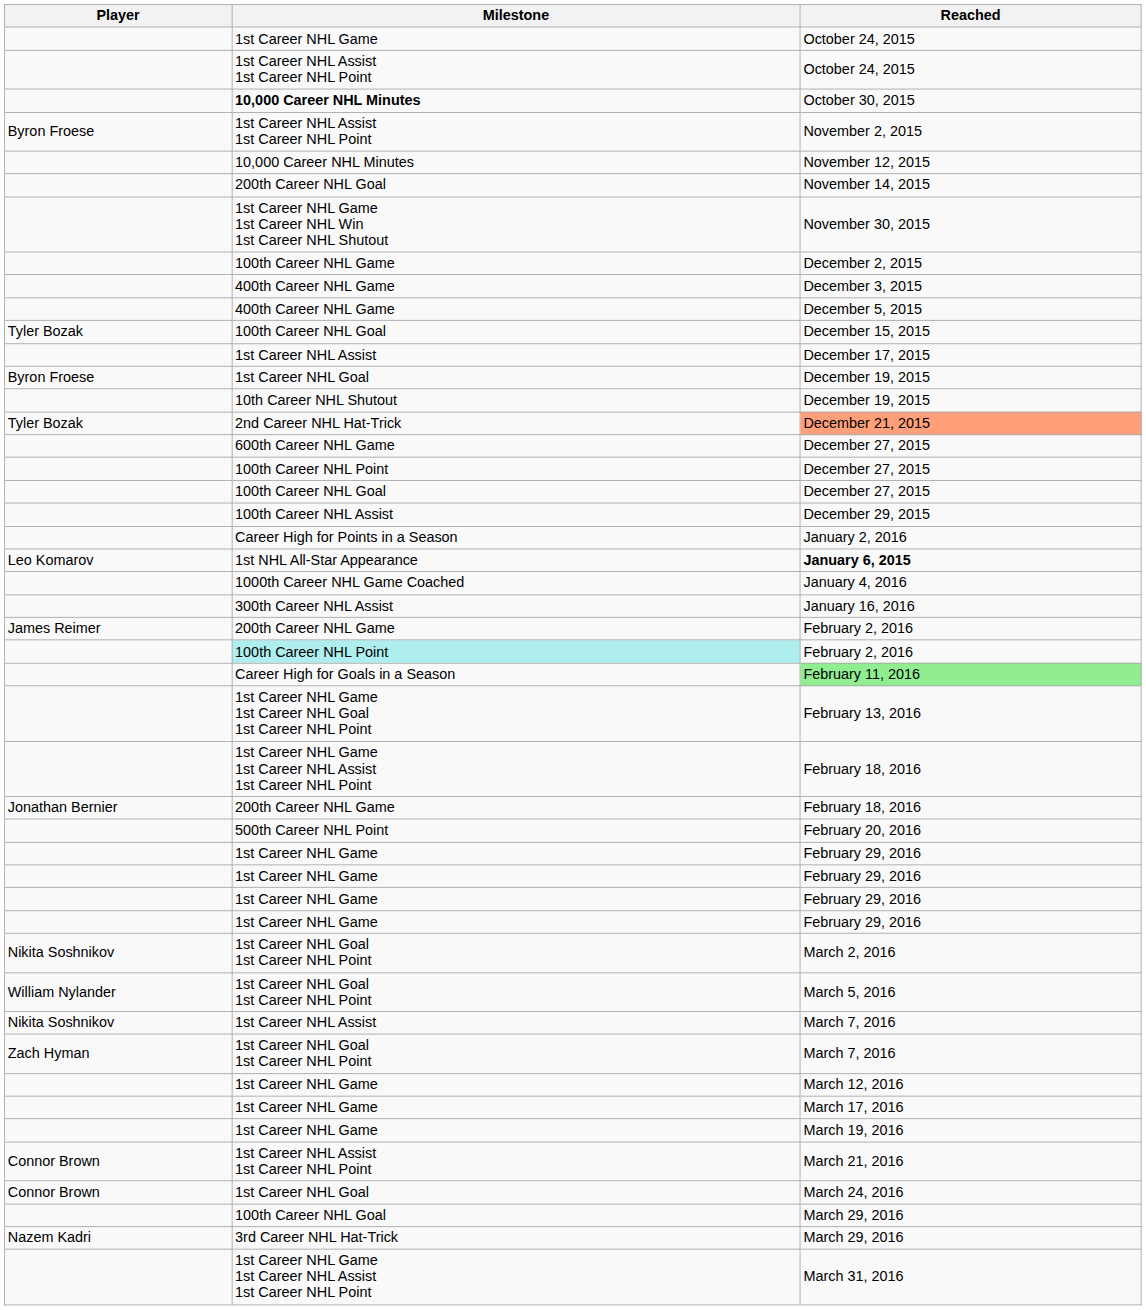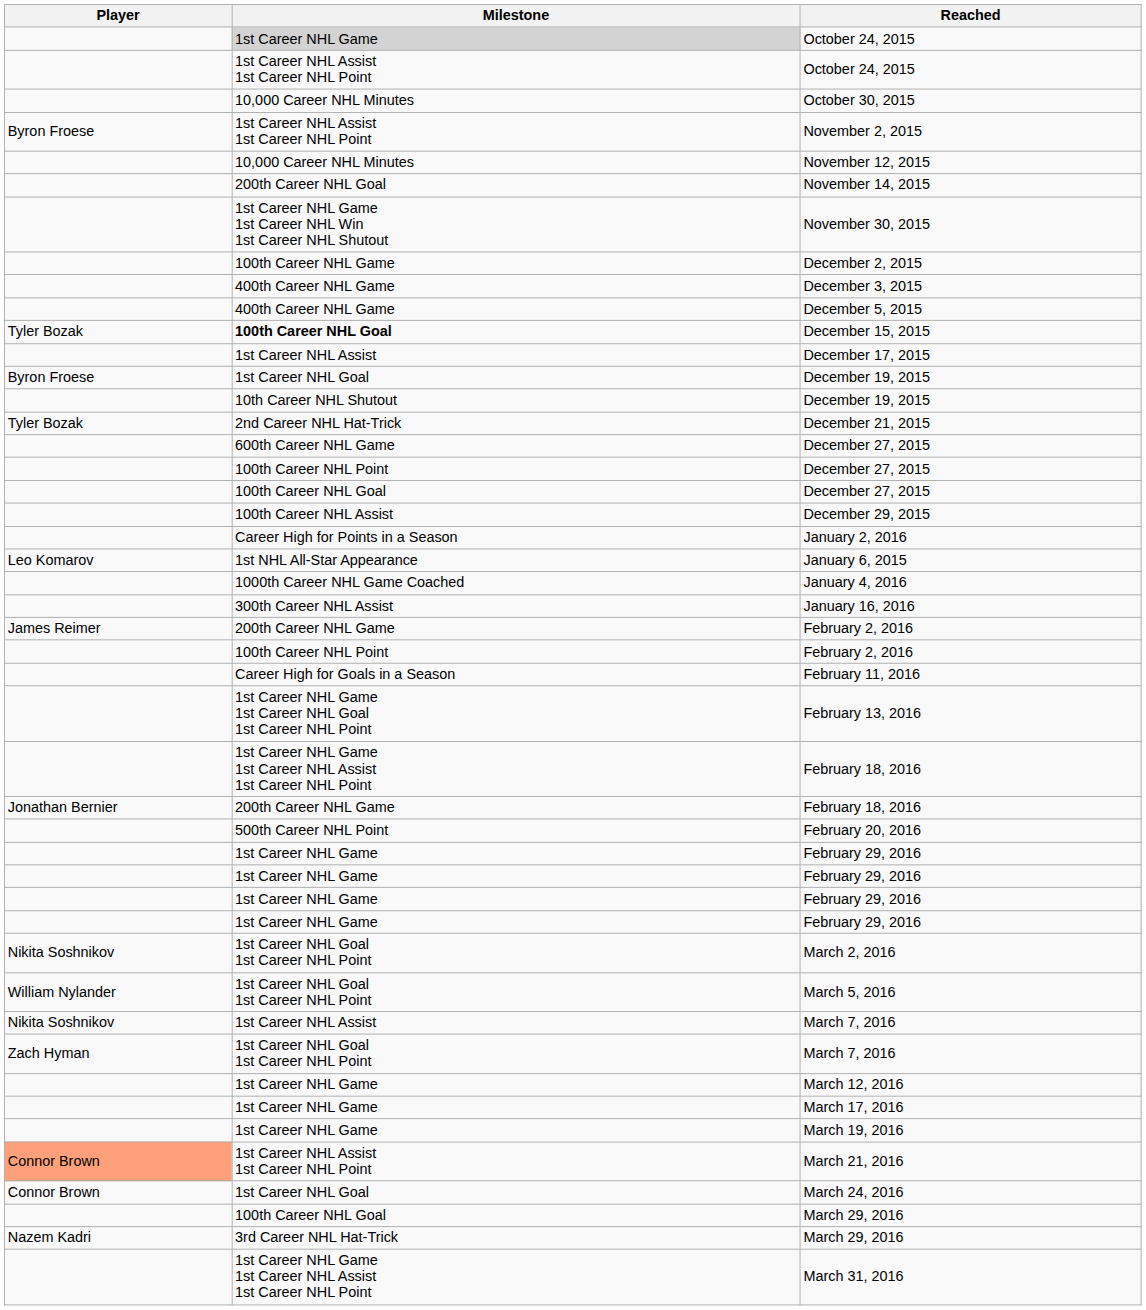 <table class="wikitable sortable" style="width:100%;">
 <tr align=center>
 <th style="width:20%;">Player</th>
 <th style="width:50%;">Milestone</th>
 <th style="width:30%;" data-sort-type="date">Reached</th>
 </tr>
 <tr>
 <td></td>
-<td>1st Career NHL Game</td>
+<td style="background: lightgrey;">1st Career NHL Game</td>
 <td>October 24, 2015</td>
 </tr>
 <tr>
 <td></td>
 <td>1st Career NHL Assist<br>1st Career NHL Point</td>
 <td>October 24, 2015</td>
 </tr>
 <tr>
 <td></td>
-<td><strong>10,000 Career NHL Minutes</strong></td>
+<td>10,000 Career NHL Minutes</td>
 <td>October 30, 2015</td>
 </tr>
 <tr>
 <td>Byron Froese</td>
 <td>1st Career NHL Assist<br>1st Career NHL Point</td>
 <td>November 2, 2015</td>
 </tr>
 <tr>
 <td></td>
 <td>10,000 Career NHL Minutes</td>
 <td>November 12, 2015</td>
 </tr>
 <tr>
 <td></td>
 <td>200th Career NHL Goal</td>
 <td>November 14, 2015</td>
 </tr>
 <tr>
 <td></td>
 <td>1st Career NHL Game<br>1st Career NHL Win<br>1st Career NHL Shutout</td>
 <td>November 30, 2015</td>
 </tr>
 <tr>
 <td></td>
 <td>100th Career NHL Game</td>
 <td>December 2, 2015</td>
 </tr>
 <tr>
 <td></td>
 <td>400th Career NHL Game</td>
 <td>December 3, 2015</td>
 </tr>
 <tr>
 <td></td>
 <td>400th Career NHL Game</td>
 <td>December 5, 2015</td>
 </tr>
 <tr>
 <td>Tyler Bozak</td>
-<td>100th Career NHL Goal</td>
+<td><strong>100th Career NHL Goal</strong></td>
 <td>December 15, 2015</td>
 </tr>
 <tr>
 <td></td>
 <td>1st Career NHL Assist</td>
 <td>December 17, 2015</td>
 </tr>
 <tr>
 <td>Byron Froese</td>
 <td>1st Career NHL Goal</td>
 <td>December 19, 2015</td>
 </tr>
 <tr>
 <td></td>
 <td>10th Career NHL Shutout</td>
 <td>December 19, 2015</td>
 </tr>
 <tr>
 <td>Tyler Bozak</td>
 <td>2nd Career NHL Hat-Trick</td>
-<td style="background: lightsalmon;">December 21, 2015</td>
+<td>December 21, 2015</td>
 </tr>
 <tr>
 <td></td>
 <td>600th Career NHL Game</td>
 <td>December 27, 2015</td>
 </tr>
 <tr>
 <td></td>
 <td>100th Career NHL Point</td>
 <td>December 27, 2015</td>
 </tr>
 <tr>
 <td></td>
 <td>100th Career NHL Goal</td>
 <td>December 27, 2015</td>
 </tr>
 <tr>
 <td></td>
 <td>100th Career NHL Assist</td>
 <td>December 29, 2015</td>
 </tr>
 <tr>
 <td></td>
 <td>Career High for Points in a Season</td>
 <td>January 2, 2016</td>
 </tr>
 <tr>
 <td>Leo Komarov</td>
 <td>1st NHL All-Star Appearance</td>
-<td><strong>January 6, 2015</strong></td>
+<td>January 6, 2015</td>
 </tr>
 <tr>
 <td></td>
 <td>1000th Career NHL Game Coached</td>
 <td>January 4, 2016</td>
 </tr>
 <tr>
 <td></td>
 <td>300th Career NHL Assist</td>
 <td>January 16, 2016</td>
 </tr>
 <tr>
 <td>James Reimer</td>
 <td>200th Career NHL Game</td>
 <td>February 2, 2016</td>
 </tr>
 <tr>
 <td></td>
-<td style="background: paleturquoise;">100th Career NHL Point</td>
+<td>100th Career NHL Point</td>
 <td>February 2, 2016</td>
 </tr>
 <tr>
 <td></td>
 <td>Career High for Goals in a Season</td>
-<td style="background: lightgreen;">February 11, 2016</td>
+<td>February 11, 2016</td>
 </tr>
 <tr>
 <td></td>
 <td>1st Career NHL Game<br>1st Career NHL Goal<br>1st Career NHL Point</td>
 <td>February 13, 2016</td>
 </tr>
 <tr>
 <td></td>
 <td>1st Career NHL Game<br>1st Career NHL Assist<br>1st Career NHL Point</td>
 <td>February 18, 2016</td>
 </tr>
 <tr>
 <td>Jonathan Bernier</td>
 <td>200th Career NHL Game</td>
 <td>February 18, 2016</td>
 </tr>
 <tr>
 <td></td>
 <td>500th Career NHL Point</td>
 <td>February 20, 2016</td>
 </tr>
 <tr>
 <td></td>
 <td>1st Career NHL Game</td>
 <td>February 29, 2016</td>
 </tr>
 <tr>
 <td></td>
 <td>1st Career NHL Game</td>
 <td>February 29, 2016</td>
 </tr>
 <tr>
 <td></td>
 <td>1st Career NHL Game</td>
 <td>February 29, 2016</td>
 </tr>
 <tr>
 <td></td>
 <td>1st Career NHL Game</td>
 <td>February 29, 2016</td>
 </tr>
 <tr>
 <td>Nikita Soshnikov</td>
 <td>1st Career NHL Goal<br>1st Career NHL Point</td>
 <td>March 2, 2016</td>
 </tr>
 <tr>
 <td>William Nylander</td>
 <td>1st Career NHL Goal<br>1st Career NHL Point</td>
 <td>March 5, 2016</td>
 </tr>
 <tr>
 <td>Nikita Soshnikov</td>
 <td>1st Career NHL Assist</td>
 <td>March 7, 2016</td>
 </tr>
 <tr>
 <td>Zach Hyman</td>
 <td>1st Career NHL Goal<br>1st Career NHL Point</td>
 <td>March 7, 2016</td>
 </tr>
 <tr>
 <td></td>
 <td>1st Career NHL Game</td>
 <td>March 12, 2016</td>
 </tr>
 <tr>
 <td></td>
 <td>1st Career NHL Game</td>
 <td>March 17, 2016</td>
 </tr>
 <tr>
 <td></td>
 <td>1st Career NHL Game</td>
 <td>March 19, 2016</td>
 </tr>
 <tr>
-<td>Connor Brown</td>
+<td style="background: lightsalmon;">Connor Brown</td>
 <td>1st Career NHL Assist<br>1st Career NHL Point</td>
 <td>March 21, 2016</td>
 </tr>
 <tr>
 <td>Connor Brown</td>
 <td>1st Career NHL Goal</td>
 <td>March 24, 2016</td>
 </tr>
 <tr>
 <td></td>
 <td>100th Career NHL Goal</td>
 <td>March 29, 2016</td>
 </tr>
 <tr>
 <td>Nazem Kadri</td>
 <td>3rd Career NHL Hat-Trick</td>
 <td>March 29, 2016</td>
 </tr>
 <tr>
 <td></td>
 <td>1st Career NHL Game<br>1st Career NHL Assist<br>1st Career NHL Point</td>
 <td>March 31, 2016</td>
 </tr>
 </table>
